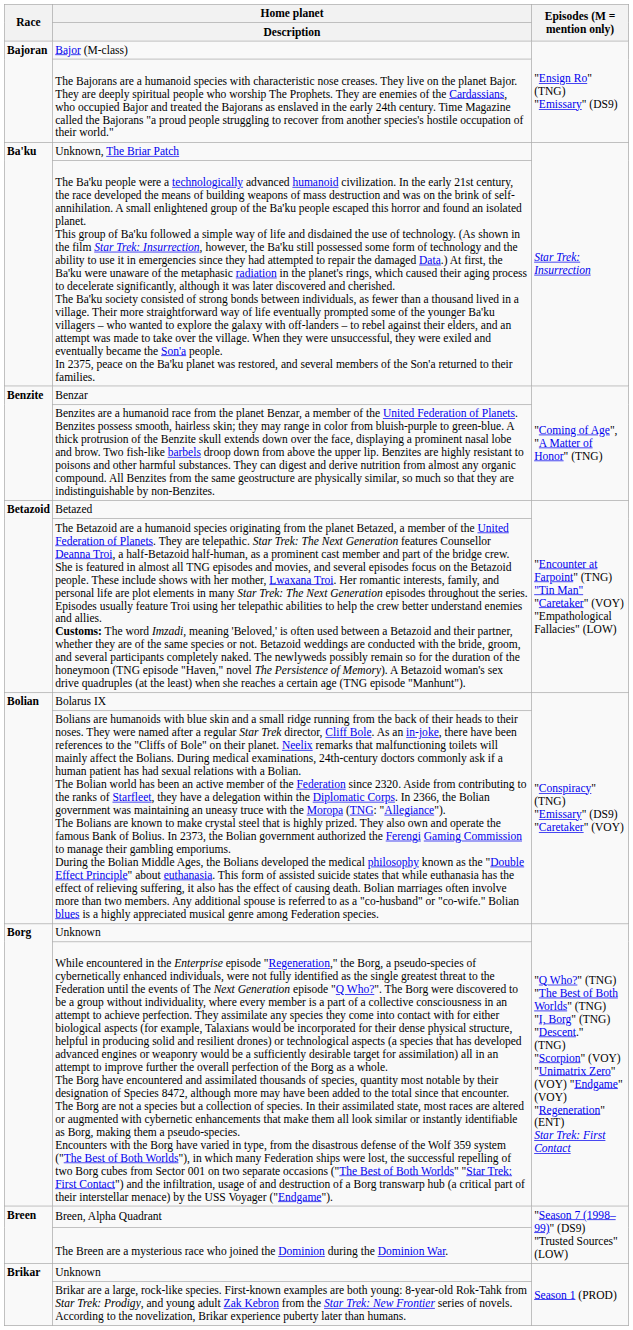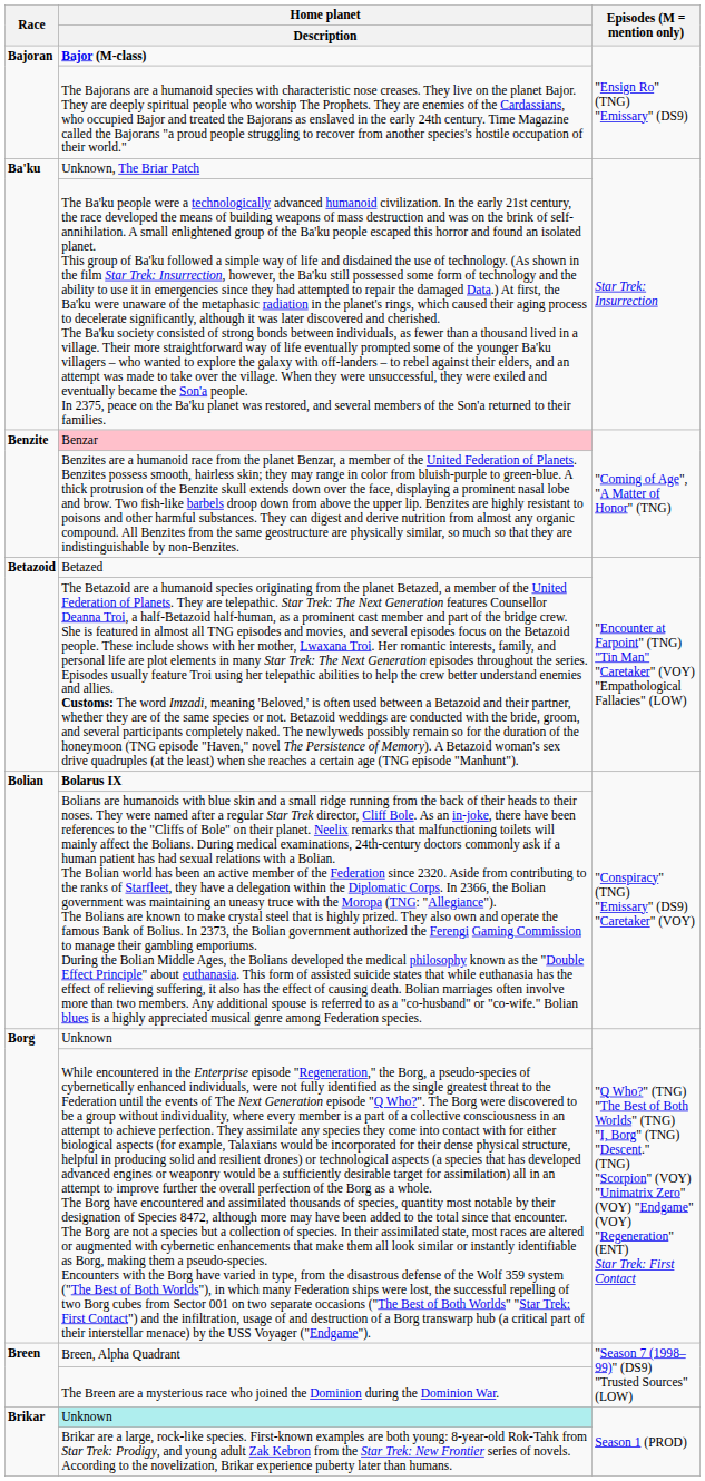 <table class="wikitable">
 <tr>
 <th rowspan="2">Race</th>
 <th>Home planet</th>
 <th rowspan="2">Episodes (M = mention only)</th>
 </tr>
 <tr>
 <th>Description</th>
 </tr>
 <tr>
 <td rowspan="2" style="vertical-align: top;"><strong>Bajoran</strong> </td>
-<td><a href='#'>Bajor</a> (M-class)</td>
+<td><strong><a href='#'>Bajor</a> (M-class)</strong></td>
 <td rowspan="2">"<a href='#'>Ensign Ro</a>" (TNG) <br> "<a href='#'>Emissary</a>" (DS9)</td>
 </tr>
 <tr>
 <td><br>The Bajorans are a humanoid species with characteristic nose creases. They live on the planet Bajor. They are deeply spiritual people who worship The Prophets. They are enemies of the <a href='#'>Cardassians</a>, who occupied Bajor and treated the Bajorans as enslaved in the early 24th century. Time Magazine called the Bajorans "a proud people struggling to recover from another species's hostile occupation of their world."</td>
 </tr>
 <tr>
 <td rowspan="2" style="vertical-align: top;"><strong>Ba'ku</strong> </td>
 <td>Unknown, <a href='#'>The Briar Patch</a></td>
 <td rowspan="2"><em><a href='#'>Star Trek: Insurrection</a></em></td>
 </tr>
 <tr>
 <td><br>The Ba'ku people were a <a href='#'>technologically</a> advanced <a href='#'>humanoid</a> civilization. In the early 21st century, the race developed the means of building weapons of mass destruction and was on the brink of self-annihilation. A small enlightened group of the Ba'ku people escaped this horror and found an isolated planet.<br>This group of Ba'ku followed a simple way of life and disdained the use of technology. (As shown in the film <em><a href='#'>Star Trek: Insurrection</a></em>, however, the Ba'ku still possessed some form of technology and the ability to use it in emergencies since they had attempted to repair the damaged <a href='#'>Data</a>.) At first, the Ba'ku were unaware of the metaphasic <a href='#'>radiation</a> in the planet's rings, which caused their aging process to decelerate significantly, although it was later discovered and cherished.<br>The Ba'ku society consisted of strong bonds between individuals, as fewer than a thousand lived in a village. Their more straightforward way of life eventually prompted some of the younger Ba'ku villagers – who wanted to explore the galaxy with off-landers – to rebel against their elders, and an attempt was made to take over the village. When they were unsuccessful, they were exiled and eventually became the <a href='#'>Son'a</a> people.<br>In 2375, peace on the Ba'ku planet was restored, and several members of the Son'a returned to their families.<br></td>
 </tr>
 <tr>
 <td rowspan="2" style="vertical-align: top;"><strong>Benzite</strong> </td>
-<td>Benzar</td>
+<td style="background: pink;">Benzar</td>
 <td rowspan="2">"<a href='#'>Coming of Age</a>", "<a href='#'>A Matter of Honor</a>" (TNG)</td>
 </tr>
 <tr>
 <td>Benzites are a humanoid race from the planet Benzar, a member of the <a href='#'>United Federation of Planets</a>.<br>Benzites possess smooth, hairless skin; they may range in color from bluish-purple to green-blue. A thick protrusion of the Benzite skull extends down over the face, displaying a prominent nasal lobe and brow. Two fish-like <a href='#'>barbels</a> droop down from above the upper lip. Benzites are highly resistant to poisons and other harmful substances. They can digest and derive nutrition from almost any organic compound. All Benzites from the same geostructure are physically similar, so much so that they are indistinguishable by non-Benzites.<br></td>
 </tr>
 <tr>
 <td rowspan="2" style="vertical-align: top;"><strong>Betazoid</strong> </td>
 <td>Betazed</td>
 <td rowspan="2">"<a href='#'>Encounter at Farpoint</a>" (TNG)<br> <a href='#'>"Tin Man"</a> <br> "<a href='#'>Caretaker</a>" (VOY) <br>"Empathological Fallacies" (LOW)</td>
 </tr>
 <tr>
 <td>The Betazoid are a humanoid species originating from the planet Betazed, a member of the <a href='#'>United Federation of Planets</a>. They are telepathic.  <em>Star Trek: The Next Generation</em> features Counsellor <a href='#'>Deanna Troi</a>, a half-Betazoid half-human, as a prominent cast member and part of the bridge crew. She is featured in almost all TNG episodes and movies, and several episodes focus on the Betazoid people. These include shows with her mother, <a href='#'>Lwaxana Troi</a>. Her romantic interests, family, and personal life are plot elements in many <em>Star Trek: The Next Generation</em> episodes throughout the series. Episodes usually feature Troi using her telepathic abilities to help the crew better understand enemies and allies.<br><strong>Customs:</strong> The word <em>Imzadi</em>, meaning 'Beloved,' is often used between a Betazoid and their partner, whether they are of the same species or not. Betazoid weddings are conducted with the bride, groom, and several participants completely naked. The newlyweds possibly remain so for the duration of the honeymoon (TNG episode "Haven," novel <em>The Persistence of Memory</em>). A Betazoid woman's sex drive quadruples (at the least) when she reaches a certain age (TNG episode "Manhunt").<br></td>
 </tr>
 <tr>
 <td rowspan="2" style="vertical-align: top;"><strong>Bolian</strong> </td>
-<td>Bolarus IX</td>
+<td><strong>Bolarus IX</strong></td>
 <td rowspan="2">"<a href='#'>Conspiracy</a>" (TNG) <br> "<a href='#'>Emissary</a>" (DS9) <br> "<a href='#'>Caretaker</a>" (VOY)</td>
 </tr>
 <tr>
 <td>Bolians are humanoids with blue skin and a small ridge running from the back of their heads to their noses. They were named after a regular <em>Star Trek</em> director, <a href='#'>Cliff Bole</a>. As an <a href='#'>in-joke</a>, there have been references to the "Cliffs of Bole" on their planet. <a href='#'>Neelix</a> remarks that malfunctioning toilets will mainly affect the Bolians. During medical examinations, 24th-century doctors commonly ask if a human patient has had sexual relations with a Bolian.<br>The Bolian world has been an active member of the <a href='#'>Federation</a> since 2320. Aside from contributing to the ranks of <a href='#'>Starfleet</a>, they have a delegation within the <a href='#'>Diplomatic Corps</a>. In 2366, the Bolian government was maintaining an uneasy truce with the <a href='#'>Moropa</a> (<a href='#'>TNG</a>: "<a href='#'>Allegiance</a>").<br>The Bolians are known to make crystal steel that is highly prized. They also own and operate the famous Bank of Bolius. In 2373, the Bolian government authorized the <a href='#'>Ferengi</a> <a href='#'>Gaming Commission</a> to manage their gambling emporiums.<br>During the Bolian Middle Ages, the Bolians developed the medical <a href='#'>philosophy</a> known as the "<a href='#'>Double Effect Principle</a>" about <a href='#'>euthanasia</a>. This form of assisted suicide states that while euthanasia has the effect of relieving suffering, it also has the effect of causing death. Bolian marriages often involve more than two members. Any additional spouse is referred to as a "co-husband" or "co-wife." Bolian <a href='#'>blues</a> is a highly appreciated musical genre among Federation species.</td>
 </tr>
 <tr>
 <td rowspan="2" style="vertical-align: top;"><strong>Borg</strong> </td>
 <td>Unknown</td>
 <td rowspan="2">"<a href='#'>Q Who?</a>" (TNG) <br> "<a href='#'>The Best of Both Worlds</a>" (TNG) <br> "<a href='#'>I, Borg</a>" (TNG) <br> "<a href='#'>Descent</a>."<br>(TNG) <br> "<a href='#'>Scorpion</a>" (VOY)<br> "<a href='#'>Unimatrix Zero</a>" (VOY) "<a href='#'>Endgame</a>" (VOY) <br> "<a href='#'>Regeneration</a>" (ENT) <br> <em><a href='#'>Star Trek: First Contact</a></em></td>
 </tr>
 <tr>
 <td><br>While encountered in the <em>Enterprise</em> episode "<a href='#'>Regeneration</a>," the Borg, a pseudo-species of cybernetically enhanced individuals, were not fully identified as the single greatest threat to the Federation until the events of The <em>Next Generation</em> episode "<a href='#'>Q Who?</a>". The Borg were discovered to be a group without individuality, where every member is a part of a collective consciousness in an attempt to achieve perfection. They assimilate any species they come into contact with for either biological aspects (for example, Talaxians would be incorporated for their dense physical structure, helpful in producing solid and resilient drones) or technological aspects (a species that has developed advanced engines or weaponry would be a sufficiently desirable target for assimilation) all in an attempt to improve further the overall perfection of the Borg as a whole.<br>The Borg have encountered and assimilated thousands of species, quantity most notable by their designation of Species 8472, although more may have been added to the total since that encounter.<br>The Borg are not a species but a collection of species. In their assimilated state, most races are altered or augmented with cybernetic enhancements that make them all look similar or instantly identifiable as Borg, making them a pseudo-species.<br>Encounters with the Borg have varied in type, from the disastrous defense of the Wolf 359 system ("<a href='#'>The Best of Both Worlds</a>"), in which many Federation ships were lost, the successful repelling of two Borg cubes from Sector 001 on two separate occasions ("<a href='#'>The Best of Both Worlds</a>" "<a href='#'>Star Trek: First Contact</a>") and the infiltration, usage of and destruction of a Borg transwarp hub (a critical part of their interstellar menace) by the USS Voyager ("<a href='#'>Endgame</a>").</td>
 </tr>
 <tr>
 <td rowspan="2" style="vertical-align: top;"><strong>Breen</strong> </td>
 <td>Breen, Alpha Quadrant</td>
 <td rowspan="2">"<a href='#'>Season 7 (1998–99)</a>" (DS9) <br>"Trusted Sources" (LOW)</td>
 </tr>
 <tr>
 <td><br>The Breen are a mysterious race who joined the <a href='#'>Dominion</a> during the <a href='#'>Dominion War</a>.</td>
 </tr>
 <tr>
 <td rowspan="2" style="vertical-align: top;"><strong>Brikar</strong> </td>
-<td>Unknown</td>
+<td style="background: paleturquoise;">Unknown</td>
 <td rowspan="2"><a href='#'>Season 1</a> (PROD)</td>
 </tr>
 <tr>
 <td>Brikar are a large, rock-like species. First-known examples are both young: 8-year-old Rok-Tahk from <em>Star Trek: Prodigy</em>, and young adult <a href='#'>Zak Kebron</a> from the <em><a href='#'>Star Trek: New Frontier</a></em> series of novels. According to the novelization, Brikar experience puberty later than humans.</td>
 </tr>
 </table>
